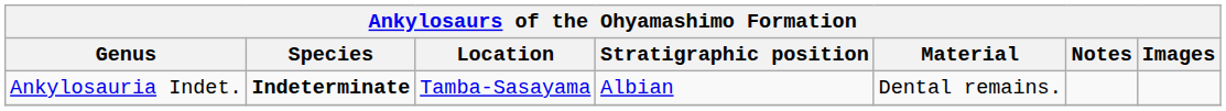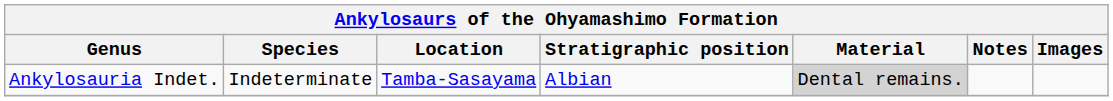 <table class="wikitable" align="center">
 <tr>
 <th colspan="7" align="center"><a href='#'>Ankylosaurs</a> of the Ohyamashimo Formation</th>
 </tr>
 <tr>
 <th>Genus</th>
 <th>Species</th>
 <th>Location</th>
 <th>Stratigraphic position</th>
 <th>Material</th>
 <th>Notes</th>
 <th>Images</th>
 </tr>
 <tr>
 <td><a href='#'>Ankylosauria</a> Indet.</td>
-<td><strong>Indeterminate</strong></td>
+<td>Indeterminate</td>
 <td><a href='#'>Tamba-Sasayama</a></td>
 <td><a href='#'>Albian</a></td>
-<td>Dental remains.</td>
+<td style="background: lightgrey;">Dental remains.</td>
 <td></td>
 <td></td>
 </tr>
 <tr>
 </tr>
 </table>
